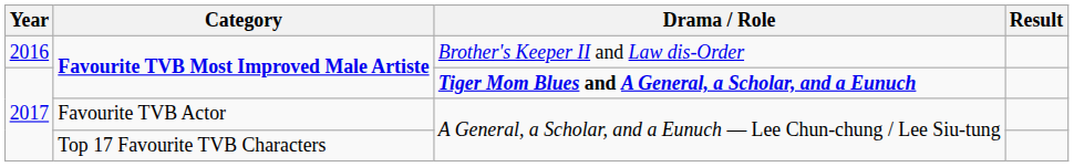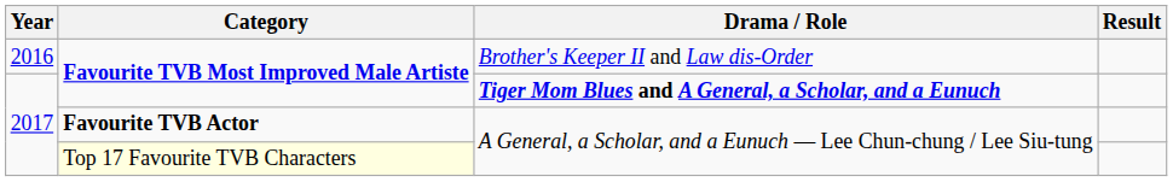 <table class="wikitable sortable">
 <tr>
 <th>Year</th>
 <th>Category</th>
 <th>Drama / Role</th>
 <th>Result</th>
 </tr>
 <tr>
 <td><a href='#'>2016</a></td>
 <td rowspan=2><strong><a href='#'>Favourite TVB Most Improved Male Artiste</a></strong></td>
 <td><em><a href='#'>Brother's Keeper II</a></em> and <em><a href='#'>Law dis-Order</a></em></td>
 <td></td>
 </tr>
 <tr>
 <td rowspan=3><a href='#'>2017</a></td>
 <td><strong> <em><a href='#'>Tiger Mom Blues</a></em> and <em><a href='#'>A General, a Scholar, and a Eunuch</a></em> </strong></td>
 <td></td>
 </tr>
 <tr>
-<td>Favourite TVB Actor</td>
+<td><strong>Favourite TVB Actor</strong></td>
 <td rowspan=2><em>A General, a Scholar, and a Eunuch</em> — Lee Chun-chung / Lee Siu-tung</td>
 <td></td>
 </tr>
 <tr>
-<td>Top 17 Favourite TVB Characters</td>
+<td style="background: lightyellow;">Top 17 Favourite TVB Characters</td>
 <td></td>
 </tr>
 </table>
